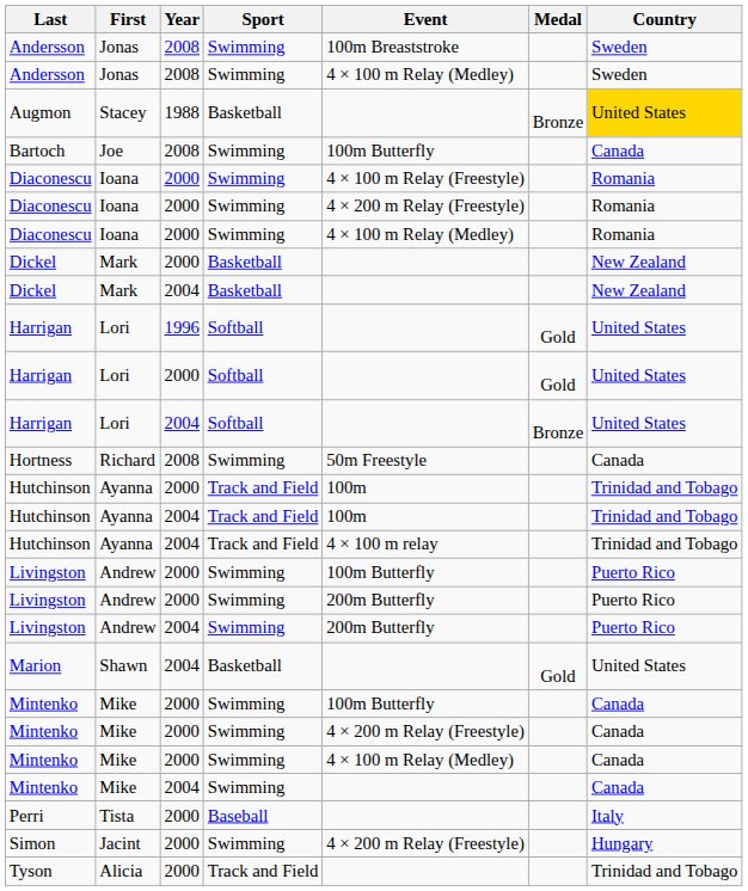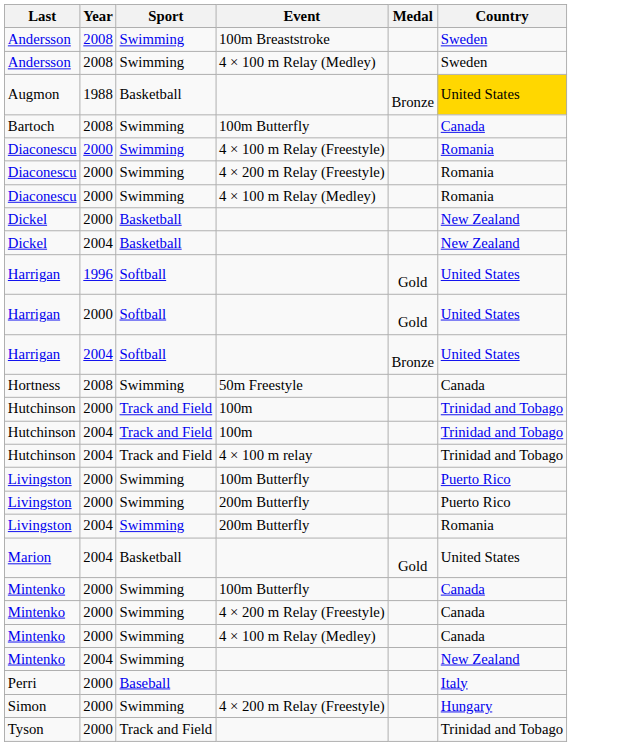 <table class="wikitable sortable">
 <tr>
 <th width=px>Last</th>
-<th width=px>First</th>
 <th width=px>Year</th>
 <th width=px>Sport</th>
 <th width=px>Event</th>
 <th width=px>Medal</th>
 <th width=px>Country</th>
 </tr>
 <tr>
 <td><a href='#'>Andersson</a></td>
-<td>Jonas</td>
 <td><a href='#'>2008</a></td>
 <td><a href='#'>Swimming</a></td>
 <td>100m Breaststroke</td>
 <td></td>
 <td><a href='#'>Sweden</a></td>
 </tr>
 <tr>
 <td><a href='#'>Andersson</a></td>
-<td>Jonas</td>
 <td>2008</td>
 <td>Swimming</td>
 <td>4 × 100 m Relay (Medley)</td>
 <td></td>
 <td>Sweden</td>
 </tr>
 <tr>
 <td>Augmon</td>
-<td>Stacey</td>
 <td>1988</td>
 <td>Basketball</td>
 <td></td>
 <td align=center><br>Bronze</td>
 <td style="background: gold;">United States</td>
 </tr>
 <tr>
 <td>Bartoch</td>
-<td>Joe</td>
 <td>2008</td>
 <td>Swimming</td>
 <td>100m Butterfly</td>
 <td></td>
 <td><a href='#'>Canada</a></td>
 </tr>
 <tr>
 <td><a href='#'>Diaconescu</a></td>
-<td>Ioana</td>
 <td><a href='#'>2000</a></td>
 <td><a href='#'>Swimming</a></td>
 <td>4 × 100 m Relay (Freestyle)</td>
 <td></td>
 <td><a href='#'>Romania</a></td>
 </tr>
 <tr>
 <td><a href='#'>Diaconescu</a></td>
-<td>Ioana</td>
 <td>2000</td>
 <td>Swimming</td>
 <td>4 × 200 m Relay (Freestyle)</td>
 <td></td>
 <td>Romania</td>
 </tr>
 <tr>
 <td><a href='#'>Diaconescu</a></td>
-<td>Ioana</td>
 <td>2000</td>
 <td>Swimming</td>
 <td>4 × 100 m Relay (Medley)</td>
 <td></td>
 <td>Romania</td>
 </tr>
 <tr>
 <td><a href='#'>Dickel</a></td>
-<td>Mark</td>
 <td>2000</td>
 <td><a href='#'>Basketball</a></td>
 <td></td>
 <td></td>
 <td><a href='#'>New Zealand</a></td>
 </tr>
 <tr>
 <td><a href='#'>Dickel</a></td>
-<td>Mark</td>
 <td>2004</td>
 <td><a href='#'>Basketball</a></td>
 <td></td>
 <td></td>
 <td><a href='#'>New Zealand</a></td>
 </tr>
 <tr>
 <td><a href='#'>Harrigan</a></td>
-<td>Lori</td>
 <td><a href='#'>1996</a></td>
 <td><a href='#'>Softball</a></td>
 <td></td>
 <td align=center><br>Gold</td>
 <td><a href='#'>United States</a></td>
 </tr>
 <tr>
 <td><a href='#'>Harrigan</a></td>
-<td>Lori</td>
 <td>2000</td>
 <td><a href='#'>Softball</a></td>
 <td></td>
 <td align=center><br>Gold</td>
 <td><a href='#'>United States</a></td>
 </tr>
 <tr>
 <td><a href='#'>Harrigan</a></td>
-<td>Lori</td>
 <td><a href='#'>2004</a></td>
 <td><a href='#'>Softball</a></td>
 <td></td>
 <td align=center><br>Bronze</td>
 <td><a href='#'>United States</a></td>
 </tr>
 <tr>
 <td>Hortness</td>
-<td>Richard</td>
 <td>2008</td>
 <td>Swimming</td>
 <td>50m Freestyle</td>
 <td></td>
 <td>Canada</td>
 </tr>
 <tr>
 <td>Hutchinson</td>
-<td>Ayanna</td>
 <td>2000</td>
 <td><a href='#'>Track and Field</a></td>
 <td>100m</td>
 <td></td>
 <td><a href='#'>Trinidad and Tobago</a></td>
 </tr>
 <tr>
 <td>Hutchinson</td>
-<td>Ayanna</td>
 <td>2004</td>
 <td><a href='#'>Track and Field</a></td>
 <td>100m</td>
 <td></td>
 <td><a href='#'>Trinidad and Tobago</a></td>
 </tr>
 <tr>
 <td>Hutchinson</td>
-<td>Ayanna</td>
 <td>2004</td>
 <td>Track and Field</td>
 <td>4 × 100 m relay</td>
 <td></td>
 <td>Trinidad and Tobago</td>
 </tr>
 <tr>
 <td><a href='#'>Livingston</a></td>
-<td>Andrew</td>
 <td>2000</td>
 <td>Swimming</td>
 <td>100m Butterfly</td>
 <td></td>
 <td><a href='#'>Puerto Rico</a></td>
 </tr>
 <tr>
 <td><a href='#'>Livingston</a></td>
-<td>Andrew</td>
 <td>2000</td>
 <td>Swimming</td>
 <td>200m Butterfly</td>
 <td></td>
 <td>Puerto Rico</td>
 </tr>
 <tr>
 <td><a href='#'>Livingston</a></td>
-<td>Andrew</td>
 <td>2004</td>
 <td><a href='#'>Swimming</a></td>
 <td>200m Butterfly</td>
 <td></td>
-<td><a href='#'>Puerto Rico</a></td>
+<td>Romania</td>
 </tr>
 <tr>
 <td><a href='#'>Marion</a></td>
-<td>Shawn</td>
 <td>2004</td>
 <td>Basketball</td>
 <td></td>
 <td align=center><br>Gold</td>
 <td>United States</td>
 </tr>
 <tr>
 <td><a href='#'>Mintenko</a></td>
-<td>Mike</td>
 <td>2000</td>
 <td>Swimming</td>
 <td>100m Butterfly</td>
 <td></td>
 <td><a href='#'>Canada</a></td>
 </tr>
 <tr>
 <td><a href='#'>Mintenko</a></td>
-<td>Mike</td>
 <td>2000</td>
 <td>Swimming</td>
 <td>4 × 200 m Relay (Freestyle)</td>
 <td></td>
 <td>Canada</td>
 </tr>
 <tr>
 <td><a href='#'>Mintenko</a></td>
-<td>Mike</td>
 <td>2000</td>
 <td>Swimming</td>
 <td>4 × 100 m Relay (Medley)</td>
 <td></td>
 <td>Canada</td>
 </tr>
 <tr>
 <td><a href='#'>Mintenko</a></td>
-<td>Mike</td>
 <td>2004</td>
 <td>Swimming</td>
 <td></td>
 <td></td>
-<td><a href='#'>Canada</a></td>
+<td><a href='#'>New Zealand</a></td>
 </tr>
 <tr>
 <td>Perri</td>
-<td>Tista</td>
 <td>2000</td>
 <td><a href='#'>Baseball</a></td>
 <td></td>
 <td></td>
 <td><a href='#'>Italy</a></td>
 </tr>
 <tr>
 <td>Simon</td>
-<td>Jacint</td>
 <td>2000</td>
 <td>Swimming</td>
 <td>4 × 200 m Relay (Freestyle)</td>
 <td></td>
 <td><a href='#'>Hungary</a></td>
 </tr>
 <tr>
 <td>Tyson</td>
-<td>Alicia</td>
 <td>2000</td>
 <td>Track and Field</td>
 <td></td>
 <td></td>
 <td>Trinidad and Tobago</td>
 </tr>
 </table>
